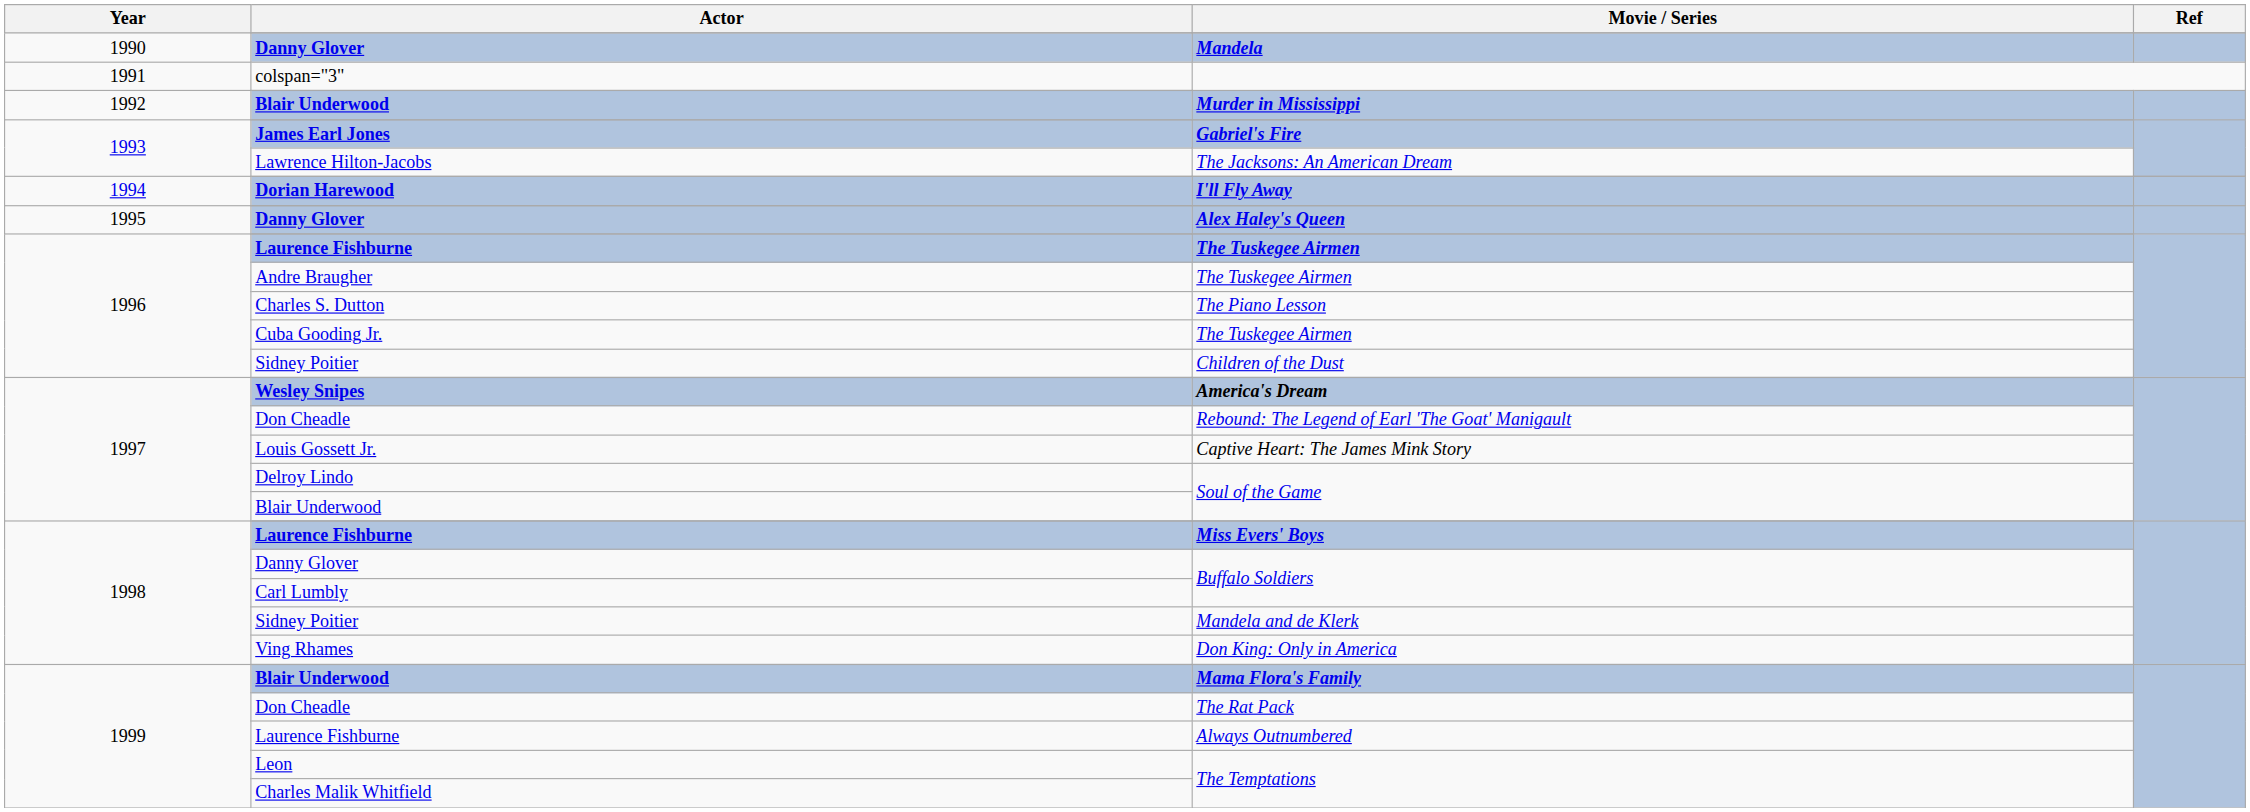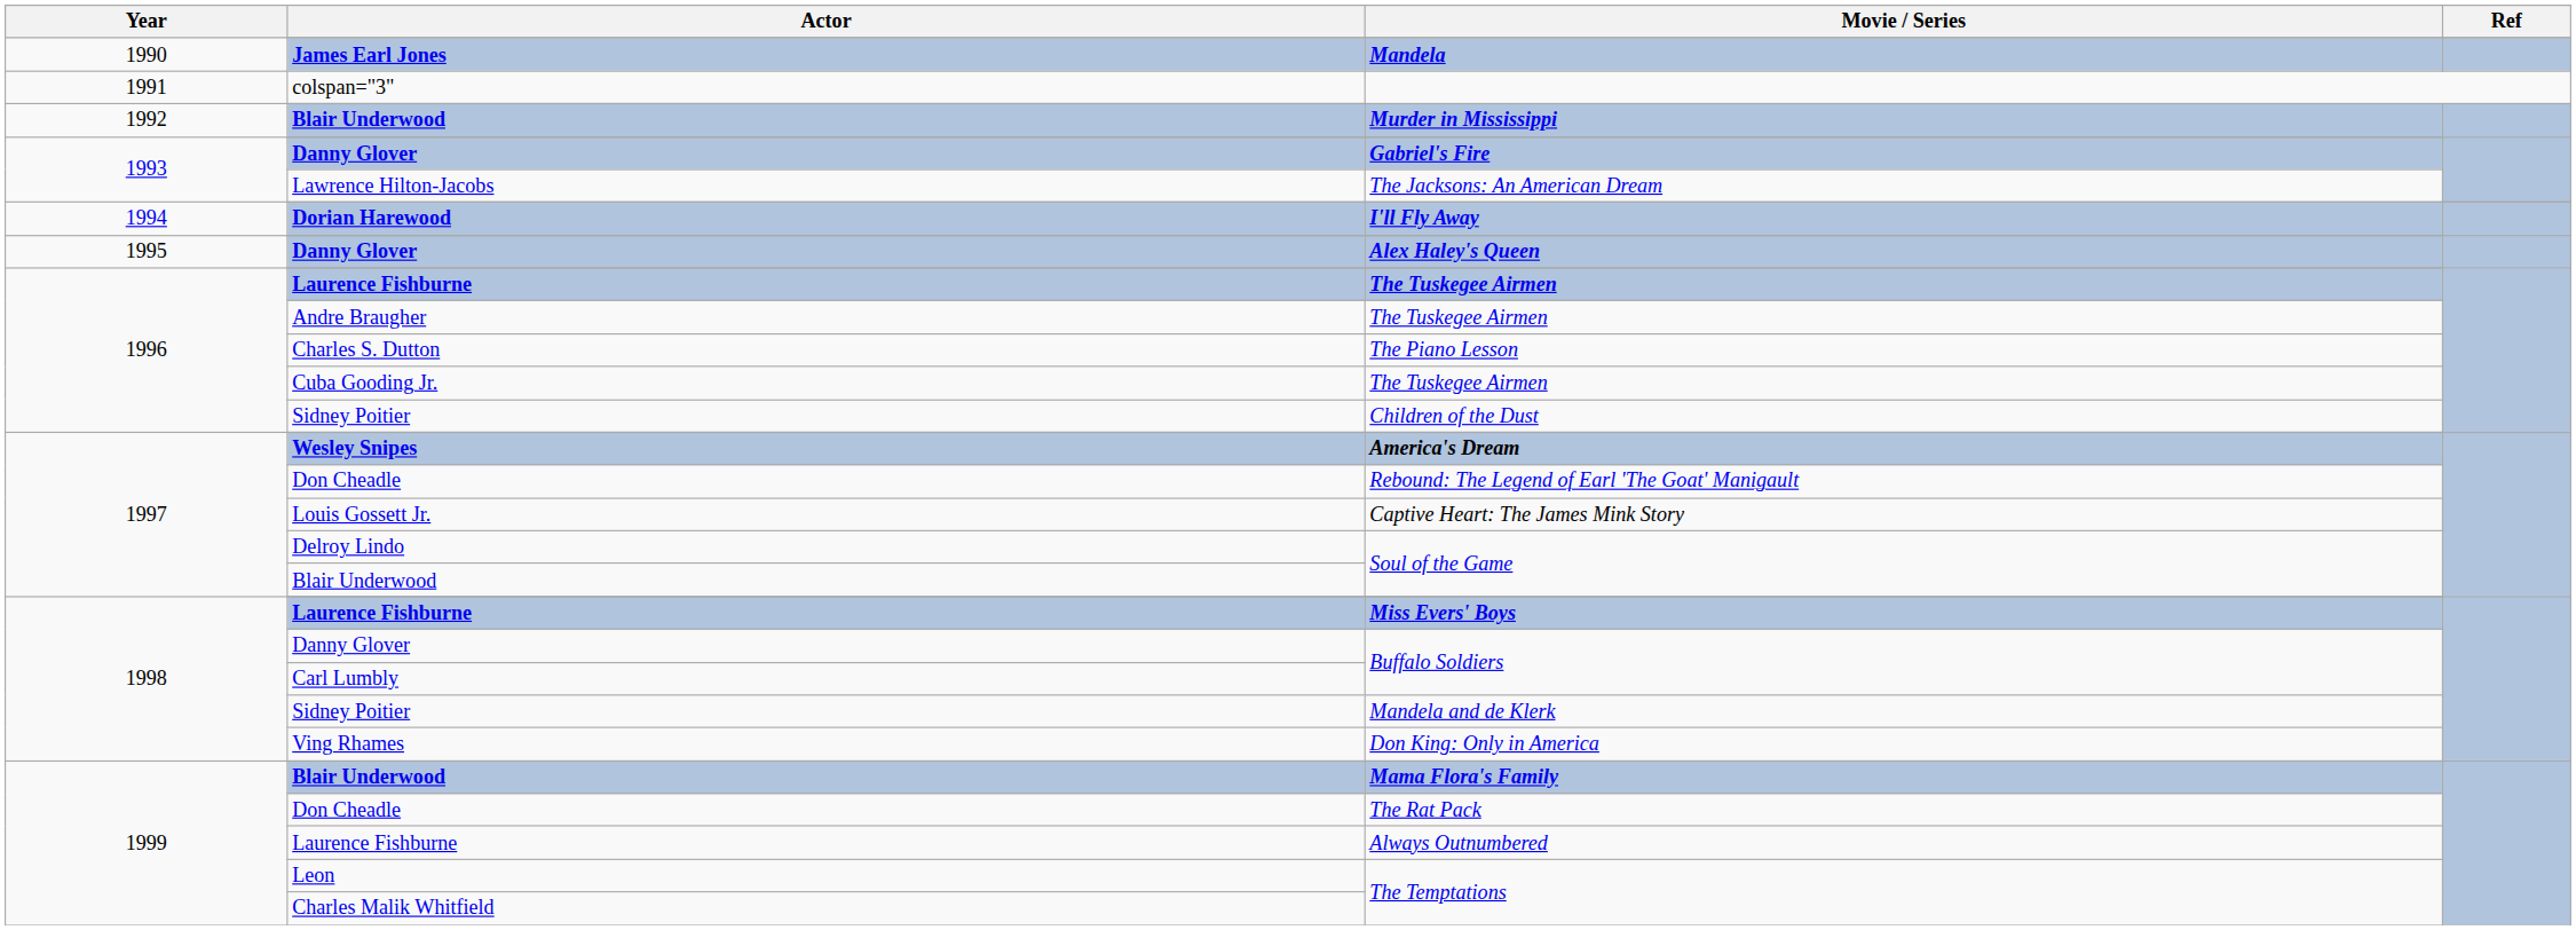 <table class="wikitable" style="width:100%;">
 <tr style="background:#bebebe;">
 <th style="width:11%;">Year</th>
 <th style="width:42%;">Actor</th>
 <th style="width:42%;">Movie / Series</th>
 <th style="width:5%;">Ref</th>
 </tr>
 <tr>
 <td rowspan="2" align="center">1990</td>
 </tr>
 <tr style="background:#B0C4DE">
-<td><strong><a href='#'>Danny Glover</a></strong></td>
+<td><strong><a href='#'>James Earl Jones</a></strong></td>
 <td><strong><em><a href='#'>Mandela</a></em></strong></td>
 <td align="center"></td>
 </tr>
 <tr>
 <td align="center">1991</td>
 <td>colspan="3" </td>
 </tr>
 <tr>
 <td rowspan="2" align="center">1992</td>
 </tr>
 <tr style="background:#B0C4DE">
 <td><strong><a href='#'>Blair Underwood</a></strong></td>
 <td><strong><em><a href='#'>Murder in Mississippi</a></em></strong></td>
 <td rowspan="2" align="center"></td>
 </tr>
 <tr>
 <td rowspan="3" align="center"><a href='#'>1993</a></td>
 </tr>
 <tr style="background:#B0C4DE">
-<td><strong><a href='#'>James Earl Jones</a></strong></td>
+<td><strong><a href='#'>Danny Glover</a></strong></td>
 <td><strong><em><a href='#'>Gabriel's Fire</a></em></strong></td>
 <td rowspan="2" align="center"></td>
 </tr>
 <tr>
 <td><a href='#'>Lawrence Hilton-Jacobs</a></td>
 <td><em><a href='#'>The Jacksons: An American Dream</a></em></td>
 </tr>
 <tr>
 <td rowspan="2" align="center"><a href='#'>1994</a></td>
 </tr>
 <tr style="background:#B0C4DE">
 <td><strong><a href='#'>Dorian Harewood</a></strong></td>
 <td><strong><em><a href='#'>I'll Fly Away</a></em></strong></td>
 <td rowspan="2" align="center"></td>
 </tr>
 <tr>
 <td rowspan="2" align="center">1995</td>
 </tr>
 <tr style="background:#B0C4DE">
 <td><strong><a href='#'>Danny Glover</a></strong></td>
 <td><strong><em><a href='#'>Alex Haley's Queen</a></em></strong></td>
 <td rowspan="2" align="center"></td>
 </tr>
 <tr>
 <td rowspan="6" align="center">1996</td>
 </tr>
 <tr style="background:#B0C4DE">
 <td><strong><a href='#'>Laurence Fishburne</a></strong></td>
 <td><strong><em><a href='#'>The Tuskegee Airmen</a></em></strong></td>
 <td rowspan="6" align="center"></td>
 </tr>
 <tr>
 <td><a href='#'>Andre Braugher</a></td>
 <td><em><a href='#'>The Tuskegee Airmen</a></em></td>
 </tr>
 <tr>
 <td><a href='#'>Charles S. Dutton</a></td>
 <td><em><a href='#'>The Piano Lesson</a></em></td>
 </tr>
 <tr>
 <td><a href='#'>Cuba Gooding Jr.</a></td>
 <td><em><a href='#'>The Tuskegee Airmen</a></em></td>
 </tr>
 <tr>
 <td><a href='#'>Sidney Poitier</a></td>
 <td><em><a href='#'>Children of the Dust</a></em></td>
 </tr>
 <tr>
 <td rowspan="6" align="center">1997</td>
 </tr>
 <tr style="background:#B0C4DE">
 <td><strong><a href='#'>Wesley Snipes</a></strong></td>
 <td><strong><em>America's Dream</em></strong></td>
 <td rowspan="6" align="center"></td>
 </tr>
 <tr>
 <td><a href='#'>Don Cheadle</a></td>
 <td><em><a href='#'>Rebound: The Legend of Earl 'The Goat' Manigault</a></em></td>
 </tr>
 <tr>
 <td><a href='#'>Louis Gossett Jr.</a></td>
 <td><em>Captive Heart: The James Mink Story</em></td>
 </tr>
 <tr>
 <td><a href='#'>Delroy Lindo</a></td>
 <td rowspan="2"><em><a href='#'>Soul of the Game</a></em></td>
 </tr>
 <tr>
 <td><a href='#'>Blair Underwood</a></td>
 </tr>
 <tr>
 <td rowspan="6" align="center">1998</td>
 </tr>
 <tr style="background:#B0C4DE">
 <td><strong><a href='#'>Laurence Fishburne</a></strong></td>
 <td><strong><em><a href='#'>Miss Evers' Boys</a></em></strong></td>
 <td rowspan="6" align="center"></td>
 </tr>
 <tr>
 <td><a href='#'>Danny Glover</a></td>
 <td rowspan="2"><em><a href='#'>Buffalo Soldiers</a></em></td>
 </tr>
 <tr>
 <td><a href='#'>Carl Lumbly</a></td>
 </tr>
 <tr>
 <td><a href='#'>Sidney Poitier</a></td>
 <td><em><a href='#'>Mandela and de Klerk</a></em></td>
 </tr>
 <tr>
 <td><a href='#'>Ving Rhames</a></td>
 <td><em><a href='#'>Don King: Only in America</a></em></td>
 </tr>
 <tr>
 <td rowspan="6" align="center">1999</td>
 </tr>
 <tr style="background:#B0C4DE">
 <td><strong><a href='#'>Blair Underwood</a></strong></td>
 <td><strong><em><a href='#'>Mama Flora's Family</a></em></strong></td>
 <td rowspan="6" align="center"></td>
 </tr>
 <tr>
 <td><a href='#'>Don Cheadle</a></td>
 <td><em><a href='#'>The Rat Pack</a></em></td>
 </tr>
 <tr>
 <td><a href='#'>Laurence Fishburne</a></td>
 <td><em><a href='#'>Always Outnumbered</a></em></td>
 </tr>
 <tr>
 <td><a href='#'>Leon</a></td>
 <td rowspan="2"><em><a href='#'>The Temptations</a></em></td>
 </tr>
 <tr>
 <td><a href='#'>Charles Malik Whitfield</a></td>
 </tr>
 </table>
